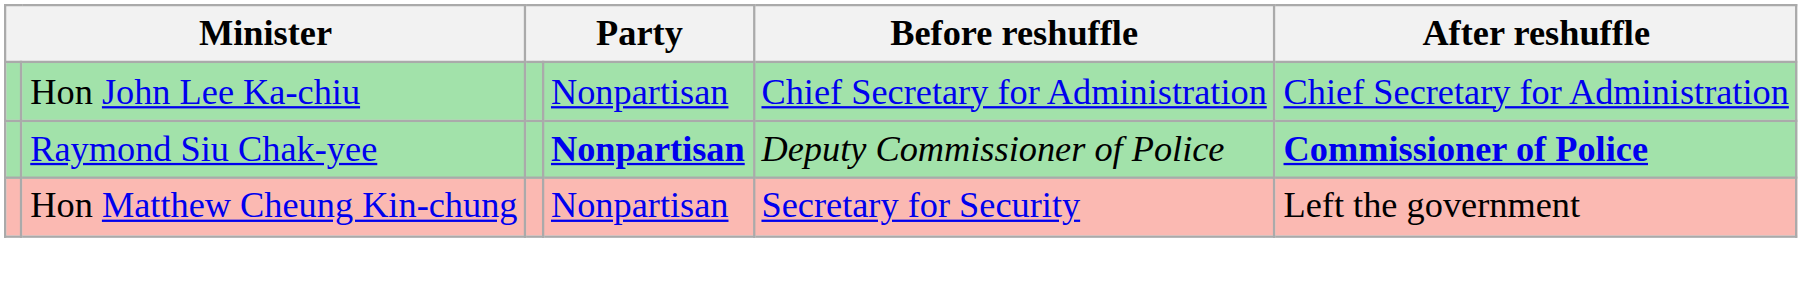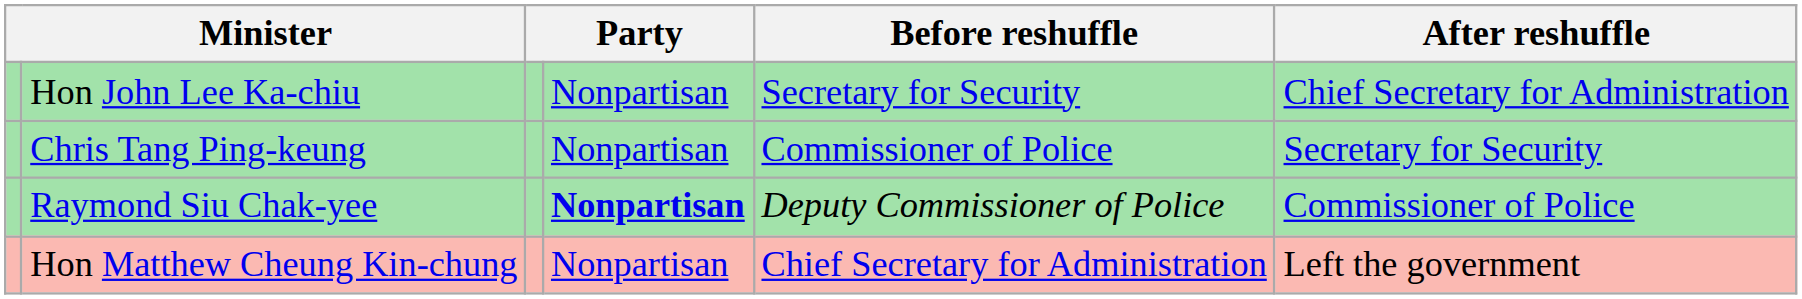 <table class="wikitable">
 <tr>
 <th colspan="2">Minister</th>
 <th colspan="2">Party</th>
 <th>Before reshuffle</th>
 <th>After reshuffle</th>
 </tr>
 <tr style="background:#A2E2AA">
 <td></td>
 <td>Hon <a href='#'>John Lee Ka-chiu</a> </td>
 <td></td>
 <td><a href='#'>Nonpartisan</a></td>
+<td><a href='#'>Secretary for Security</a></td>
 <td><a href='#'>Chief Secretary for Administration</a></td>
-<td><a href='#'>Chief Secretary for Administration</a></td>
+</tr>
+<tr style="background:#A2E2AA">
+<td></td>
+<td><a href='#'>Chris Tang Ping-keung</a> </td>
+<td bgcolor=></td>
+<td><a href='#'>Nonpartisan</a></td>
+<td><a href='#'>Commissioner of Police</a></td>
+<td><a href='#'>Secretary for Security</a></td>
 </tr>
 <tr style="background:#A2E2AA">
 <td></td>
 <td><a href='#'>Raymond Siu Chak-yee</a> </td>
 <td bgcolor=></td>
 <td><strong><a href='#'>Nonpartisan</a></strong></td>
 <td><em>Deputy Commissioner of Police</em></td>
-<td><strong><a href='#'>Commissioner of Police</a></strong></td>
+<td><a href='#'>Commissioner of Police</a></td>
 </tr>
 <tr style="background:#FBB9B2">
 <td></td>
 <td>Hon <a href='#'>Matthew Cheung Kin-chung</a> </td>
 <td></td>
 <td><a href='#'>Nonpartisan</a></td>
-<td><a href='#'>Secretary for Security</a></td>
+<td><a href='#'>Chief Secretary for Administration</a></td>
 <td>Left the government</td>
 </tr>
 </table>
